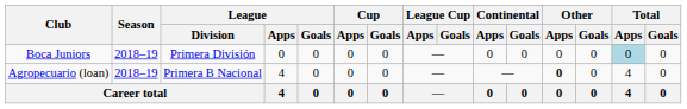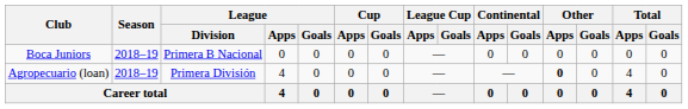 <table class="wikitable" style="text-align:center">
 <tr>
 <th rowspan="2">Club</th>
 <th rowspan="2">Season</th>
 <th colspan="3">League</th>
 <th colspan="2">Cup</th>
 <th colspan="2">League Cup</th>
 <th colspan="2">Continental</th>
 <th colspan="2">Other</th>
 <th colspan="2">Total</th>
 </tr>
 <tr>
 <th>Division</th>
 <th>Apps</th>
 <th>Goals</th>
 <th>Apps</th>
 <th>Goals</th>
 <th>Apps</th>
 <th>Goals</th>
 <th>Apps</th>
 <th>Goals</th>
 <th>Apps</th>
 <th>Goals</th>
 <th>Apps</th>
 <th>Goals</th>
 </tr>
 <tr>
 <td rowspan="1"><a href='#'>Boca Juniors</a></td>
 <td><a href='#'>2018–19</a></td>
-<td rowspan="1"><a href='#'>Primera División</a></td>
+<td rowspan="1"><a href='#'>Primera B Nacional</a></td>
 <td>0</td>
 <td>0</td>
 <td>0</td>
 <td>0</td>
 <td colspan="2">—</td>
 <td>0</td>
 <td>0</td>
 <td>0</td>
 <td>0</td>
-<td style="background: lightblue;">0</td>
+<td>0</td>
 <td>0</td>
 </tr>
 <tr>
 <td rowspan="1"><a href='#'>Agropecuario</a> (loan)</td>
 <td><a href='#'>2018–19</a></td>
-<td rowspan="1"><a href='#'>Primera B Nacional</a></td>
+<td rowspan="1"><a href='#'>Primera División</a></td>
 <td>4</td>
 <td>0</td>
 <td>0</td>
 <td>0</td>
 <td colspan="2">—</td>
 <td colspan="2">—</td>
 <td><strong>0</strong></td>
 <td>0</td>
 <td>4</td>
 <td>0</td>
 </tr>
 <tr>
 <th colspan="3">Career total</th>
 <th>4</th>
 <th>0</th>
 <th>0</th>
 <th>0</th>
 <th colspan="2">—</th>
 <th>0</th>
 <th>0</th>
 <th>0</th>
 <th>0</th>
 <th>4</th>
 <th>0</th>
 </tr>
 </table>
